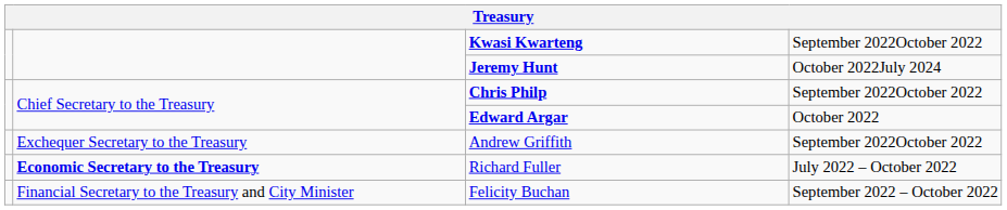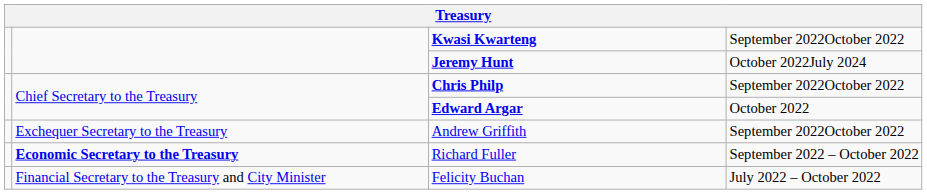 <table class="wikitable">
 <tr>
 <th colspan="4"><a href='#'>Treasury</a></th>
 </tr>
 <tr>
 <td rowspan=2 style="width: 1px; background: "></td>
 <td rowspan=2 style="width: 450px;"></td>
 <td style="width: 320px;"><strong><a href='#'>Kwasi Kwarteng</a></strong></td>
 <td>September 2022October 2022</td>
 </tr>
 <tr>
 <td style="width: 320px;"><strong><a href='#'>Jeremy Hunt</a></strong></td>
 <td>October 2022July 2024</td>
 </tr>
 <tr>
 <td rowspan=2 style="width: 1px; background: "></td>
 <td rowspan=2><a href='#'>Chief Secretary to the Treasury</a></td>
 <td><strong><a href='#'>Chris Philp</a></strong></td>
 <td>September 2022October 2022</td>
 </tr>
 <tr>
 <td><strong><a href='#'>Edward Argar</a></strong></td>
 <td>October 2022</td>
 </tr>
 <tr>
 <td rowspan=1 style="width: 1px; background: "></td>
 <td rowspan=1><a href='#'>Exchequer Secretary to the Treasury</a></td>
 <td><a href='#'>Andrew Griffith</a> </td>
 <td>September 2022October 2022</td>
 </tr>
 <tr>
 <td rowspan=1 style="width: 1px; background: "></td>
 <td rowspan=1><strong><a href='#'>Economic Secretary to the Treasury</a></strong></td>
 <td><a href='#'>Richard Fuller</a> </td>
-<td>July 2022 – October 2022</td>
+<td>September 2022 – October 2022</td>
 </tr>
 <tr>
 <td rowspan=1 style="width: 1px; background: "></td>
 <td rowspan=1><a href='#'>Financial Secretary to the Treasury</a> and <a href='#'>City Minister</a></td>
 <td><a href='#'>Felicity Buchan</a></td>
-<td>September 2022 – October 2022</td>
+<td>July 2022 – October 2022</td>
 </tr>
 </table>
